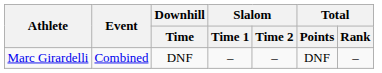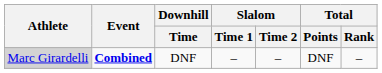 <table class="wikitable" style="font-size:90%">
 <tr>
 <th rowspan="2">Athlete</th>
 <th rowspan=2>Event</th>
 <th>Downhill</th>
 <th colspan="2">Slalom</th>
 <th colspan="2">Total</th>
 </tr>
 <tr>
 <th>Time</th>
 <th>Time 1</th>
 <th>Time 2</th>
 <th>Points</th>
 <th>Rank</th>
 </tr>
 <tr>
-<td><a href='#'>Marc Girardelli</a></td>
-<td><a href='#'>Combined</a></td>
+<td style="background: lightgrey;"><a href='#'>Marc Girardelli</a></td>
+<td><strong><a href='#'>Combined</a></strong></td>
 <td align="center">DNF</td>
 <td align="center">–</td>
 <td align="center">–</td>
 <td align="center">DNF</td>
 <td align="center">–</td>
 </tr>
 </table>
